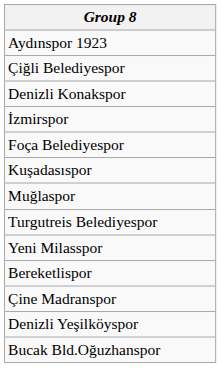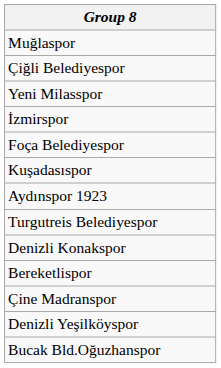 <table class="wikitable collapsible collapsed" style="font-size:95%;">
 <tr>
 <th colspan="1" width="200"><em>Group 8</em></th>
 </tr>
 <tr>
-<td>Aydınspor 1923</td>
+<td>Muğlaspor</td>
 </tr>
 <tr>
 <td>Çiğli Belediyespor</td>
 </tr>
 <tr>
-<td>Denizli Konakspor</td>
+<td>Yeni Milasspor</td>
 </tr>
 <tr>
 <td>İzmirspor</td>
 </tr>
 <tr>
 <td>Foça Belediyespor</td>
 </tr>
 <tr>
 <td>Kuşadasıspor</td>
 </tr>
 <tr>
-<td>Muğlaspor</td>
+<td>Aydınspor 1923</td>
 </tr>
 <tr>
 <td>Turgutreis Belediyespor</td>
 </tr>
 <tr>
-<td>Yeni Milasspor</td>
+<td>Denizli Konakspor</td>
 </tr>
 <tr>
 <td>Bereketlispor</td>
 </tr>
 <tr>
 <td>Çine Madranspor</td>
 </tr>
 <tr>
 <td>Denizli Yeşilköyspor</td>
 </tr>
 <tr>
 <td>Bucak Bld.Oğuzhanspor</td>
 </tr>
 </table>
